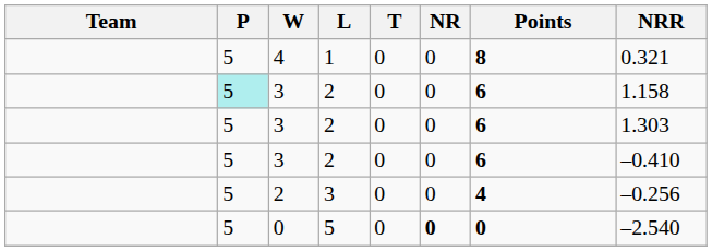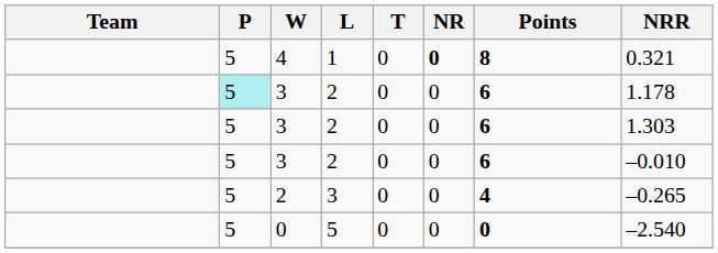 <table class="wikitable">
 <tr>
 <th width=150>Team</th>
 <th width=30 abbr="Played">P</th>
 <th width=30 abbr="Won">W</th>
 <th width=30 abbr="Lost">L</th>
 <th width=30 abbr="Tied">T</th>
 <th width=30 abbr="No result">NR</th>
 <th width=100 abbr="Points">Points</th>
 <th width=60 abbr="Net run rate">NRR</th>
 </tr>
 <tr>
 <td align="left"></td>
 <td>5</td>
 <td>4</td>
 <td>1</td>
 <td>0</td>
-<td>0</td>
+<td><strong>0</strong></td>
 <td><strong>8</strong></td>
 <td>0.321</td>
 </tr>
 <tr>
 <td align="left"></td>
 <td style="background: paleturquoise;">5</td>
 <td>3</td>
 <td>2</td>
 <td>0</td>
 <td>0</td>
 <td><strong>6</strong></td>
-<td>1.158</td>
+<td>1.178</td>
 </tr>
 <tr>
 <td align="left"></td>
 <td>5</td>
 <td>3</td>
 <td>2</td>
 <td>0</td>
 <td>0</td>
 <td><strong>6</strong></td>
 <td>1.303</td>
 </tr>
 <tr>
 <td align="left"></td>
 <td>5</td>
 <td>3</td>
 <td>2</td>
 <td>0</td>
 <td>0</td>
 <td><strong>6</strong></td>
-<td>–0.410</td>
+<td>–0.010</td>
 </tr>
 <tr>
 <td align="left"></td>
 <td>5</td>
 <td>2</td>
 <td>3</td>
 <td>0</td>
 <td>0</td>
 <td><strong>4</strong></td>
-<td>–0.256</td>
+<td>–0.265</td>
 </tr>
 <tr>
 <td align="left"></td>
 <td>5</td>
 <td>0</td>
 <td>5</td>
 <td>0</td>
-<td><strong>0</strong></td>
+<td>0</td>
 <td><strong>0</strong></td>
 <td>–2.540</td>
 </tr>
 <tr>
 </tr>
 </table>
